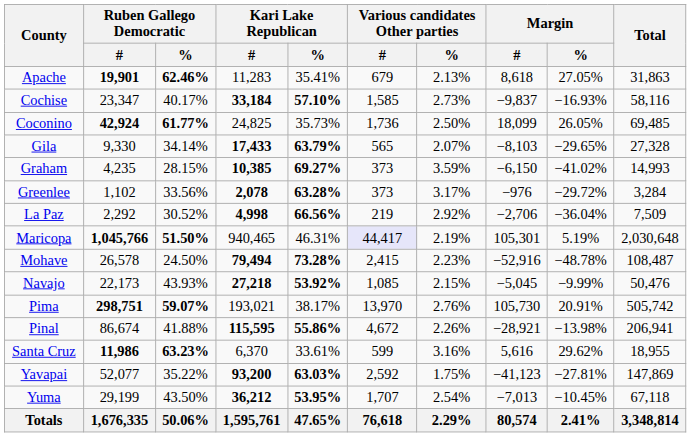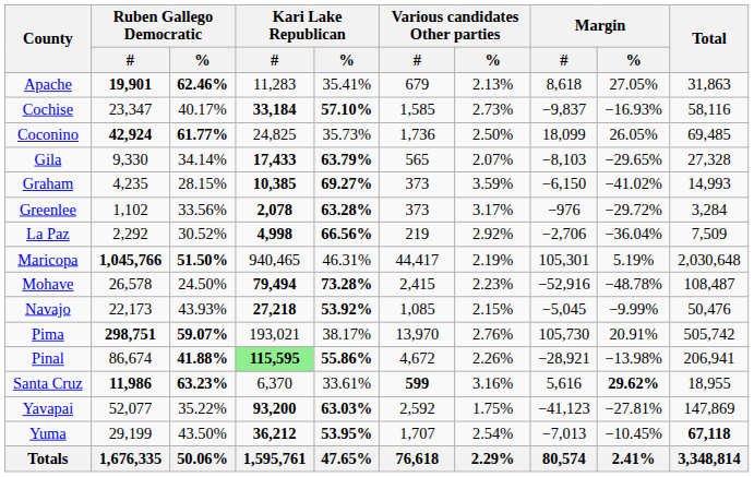 <table class="wikitable sortable" width="60%">
 <tr>
 <th rowspan="2">County</th>
 <th colspan="2">Ruben Gallego<br>Democratic</th>
 <th colspan="2">Kari Lake<br>Republican</th>
 <th colspan="2">Various candidates<br>Other parties</th>
 <th colspan="2">Margin</th>
 <th rowspan="2">Total</th>
 </tr>
 <tr>
 <th data-sort-type="number" style="text-align:center;">#</th>
 <th data-sort-type="number" style="text-align:center;">%</th>
 <th data-sort-type="number" style="text-align:center;">#</th>
 <th data-sort-type="number" style="text-align:center;">%</th>
 <th data-sort-type="number" style="text-align:center;">#</th>
 <th data-sort-type="number" style="text-align:center;">%</th>
 <th data-sort-type="number" style="text-align:center;">#</th>
 <th data-sort-type="number" style="text-align:center;">%</th>
 </tr>
 <tr style="text-align:center;">
 <td><a href='#'>Apache</a></td>
 <td><strong>19,901</strong></td>
 <td><strong>62.46%</strong></td>
 <td>11,283</td>
 <td>35.41%</td>
 <td>679</td>
 <td>2.13%</td>
 <td>8,618</td>
 <td>27.05%</td>
 <td>31,863</td>
 </tr>
 <tr style="text-align:center;">
 <td><a href='#'>Cochise</a></td>
 <td>23,347</td>
 <td>40.17%</td>
 <td><strong>33,184</strong></td>
 <td><strong>57.10%</strong></td>
 <td>1,585</td>
 <td>2.73%</td>
 <td>−9,837</td>
 <td>−16.93%</td>
 <td>58,116</td>
 </tr>
 <tr style="text-align:center;">
 <td><a href='#'>Coconino</a></td>
 <td><strong>42,924</strong></td>
 <td><strong>61.77%</strong></td>
 <td>24,825</td>
 <td>35.73%</td>
 <td>1,736</td>
 <td>2.50%</td>
 <td>18,099</td>
 <td>26.05%</td>
 <td>69,485</td>
 </tr>
 <tr style="text-align:center;">
 <td><a href='#'>Gila</a></td>
 <td>9,330</td>
 <td>34.14%</td>
 <td><strong>17,433</strong></td>
 <td><strong>63.79%</strong></td>
 <td>565</td>
 <td>2.07%</td>
 <td>−8,103</td>
 <td>−29.65%</td>
 <td>27,328</td>
 </tr>
 <tr style="text-align:center;">
 <td><a href='#'>Graham</a></td>
 <td>4,235</td>
 <td>28.15%</td>
 <td><strong>10,385</strong></td>
 <td><strong>69.27%</strong></td>
 <td>373</td>
 <td>3.59%</td>
 <td>−6,150</td>
 <td>−41.02%</td>
 <td>14,993</td>
 </tr>
 <tr style="text-align:center;">
 <td><a href='#'>Greenlee</a></td>
 <td>1,102</td>
 <td>33.56%</td>
 <td><strong>2,078</strong></td>
 <td><strong>63.28%</strong></td>
 <td>373</td>
 <td>3.17%</td>
 <td>−976</td>
 <td>−29.72%</td>
 <td>3,284</td>
 </tr>
 <tr style="text-align:center;">
 <td><a href='#'>La Paz</a></td>
 <td>2,292</td>
 <td>30.52%</td>
 <td><strong>4,998</strong></td>
 <td><strong>66.56%</strong></td>
 <td>219</td>
 <td>2.92%</td>
 <td>−2,706</td>
 <td>−36.04%</td>
 <td>7,509</td>
 </tr>
 <tr style="text-align:center;">
 <td><a href='#'>Maricopa</a></td>
 <td><strong>1,045,766</strong></td>
 <td><strong>51.50%</strong></td>
 <td>940,465</td>
 <td>46.31%</td>
-<td style="background: lavender;">44,417</td>
+<td>44,417</td>
 <td>2.19%</td>
 <td>105,301</td>
 <td>5.19%</td>
 <td>2,030,648</td>
 </tr>
 <tr style="text-align:center;">
 <td><a href='#'>Mohave</a></td>
 <td>26,578</td>
 <td>24.50%</td>
 <td><strong>79,494</strong></td>
 <td><strong>73.28%</strong></td>
 <td>2,415</td>
 <td>2.23%</td>
 <td>−52,916</td>
 <td>−48.78%</td>
 <td>108,487</td>
 </tr>
 <tr style="text-align:center;">
 <td><a href='#'>Navajo</a></td>
 <td>22,173</td>
 <td>43.93%</td>
 <td><strong>27,218</strong></td>
 <td><strong>53.92%</strong></td>
 <td>1,085</td>
 <td>2.15%</td>
 <td>−5,045</td>
 <td>−9.99%</td>
 <td>50,476</td>
 </tr>
 <tr style="text-align:center;">
 <td><a href='#'>Pima</a></td>
 <td><strong>298,751</strong></td>
 <td><strong>59.07%</strong></td>
 <td>193,021</td>
 <td>38.17%</td>
 <td>13,970</td>
 <td>2.76%</td>
 <td>105,730</td>
 <td>20.91%</td>
 <td>505,742</td>
 </tr>
 <tr style="text-align:center;">
 <td><a href='#'>Pinal</a></td>
 <td>86,674</td>
-<td>41.88%</td>
-<td><strong>115,595</strong></td>
+<td><strong>41.88%</strong></td>
+<td style="background: lightgreen;"><strong>115,595</strong></td>
 <td><strong>55.86%</strong></td>
 <td>4,672</td>
 <td>2.26%</td>
 <td>−28,921</td>
 <td>−13.98%</td>
 <td>206,941</td>
 </tr>
 <tr style="text-align:center;">
 <td><a href='#'>Santa Cruz</a></td>
 <td><strong>11,986</strong></td>
 <td><strong>63.23%</strong></td>
 <td>6,370</td>
 <td>33.61%</td>
-<td>599</td>
+<td><strong>599</strong></td>
 <td>3.16%</td>
 <td>5,616</td>
-<td>29.62%</td>
+<td><strong>29.62%</strong></td>
 <td>18,955</td>
 </tr>
 <tr style="text-align:center;">
 <td><a href='#'>Yavapai</a></td>
 <td>52,077</td>
 <td>35.22%</td>
 <td><strong>93,200</strong></td>
 <td><strong>63.03%</strong></td>
 <td>2,592</td>
 <td>1.75%</td>
 <td>−41,123</td>
 <td>−27.81%</td>
 <td>147,869</td>
 </tr>
 <tr style="text-align:center;">
 <td><a href='#'>Yuma</a></td>
 <td>29,199</td>
 <td>43.50%</td>
 <td><strong>36,212</strong></td>
 <td><strong>53.95%</strong></td>
 <td>1,707</td>
 <td>2.54%</td>
 <td>−7,013</td>
 <td>−10.45%</td>
-<td>67,118</td>
+<td><strong>67,118</strong></td>
 </tr>
 <tr>
 <th>Totals</th>
 <th>1,676,335</th>
 <th>50.06%</th>
 <th>1,595,761</th>
 <th>47.65%</th>
 <th>76,618</th>
 <th>2.29%</th>
 <th>80,574</th>
 <th>2.41%</th>
 <th>3,348,814</th>
 </tr>
 </table>
